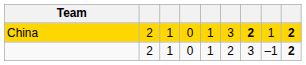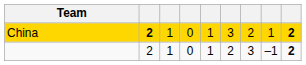 <table class=wikitable style="text-align:center">
 <tr>
 <th width="175">Team</th>
 <th width="20"></th>
 <th width="20"></th>
 <th width="20"></th>
 <th width="20"></th>
 <th width="20"></th>
 <th width="20"></th>
 <th width="20"></th>
 <th width="20"></th>
 </tr>
 <tr bgcolor=gold>
 <td align=left> China</td>
-<td>2</td>
+<td><strong>2</strong></td>
 <td>1</td>
 <td>0</td>
 <td>1</td>
 <td>3</td>
-<td><strong>2</strong></td>
+<td>2</td>
 <td>1</td>
 <td><strong>2</strong></td>
 </tr>
 <tr>
 <td align=left></td>
 <td>2</td>
 <td>1</td>
 <td>0</td>
 <td>1</td>
 <td>2</td>
 <td>3</td>
 <td>–1</td>
 <td><strong>2</strong></td>
 </tr>
 </table>
